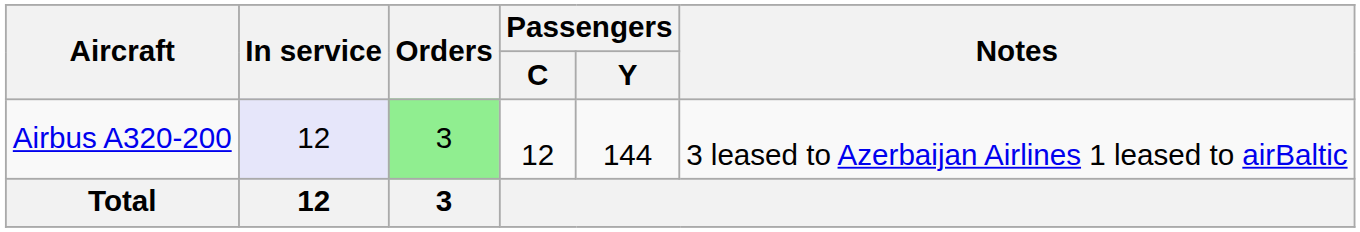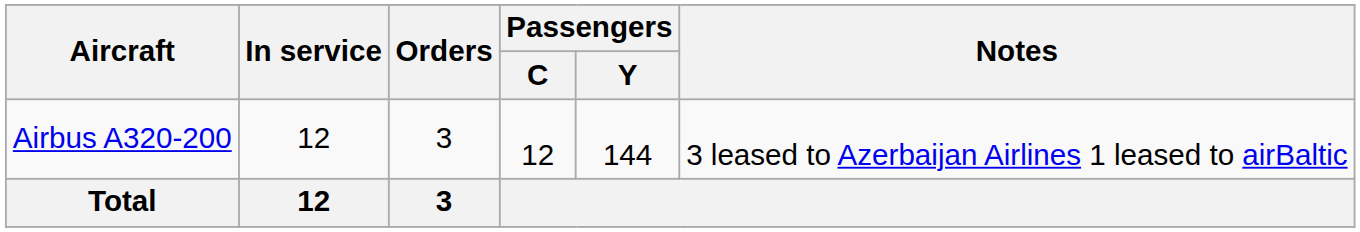 <table class="wikitable" style="margin:0.5em auto; text-align:center">
 <tr>
 <th rowspan=2>Aircraft</th>
 <th rowspan=2>In service</th>
 <th rowspan=2>Orders</th>
 <th colspan=2>Passengers</th>
 <th rowspan=2>Notes</th>
 </tr>
 <tr>
 <th><abbr>C</abbr></th>
 <th><abbr>Y</abbr></th>
 </tr>
 <tr>
 <td><a href='#'>Airbus A320-200</a></td>
-<td style="background: lavender;">12</td>
-<td style="background: lightgreen;">3</td>
+<td>12</td>
+<td>3</td>
 <td><br>12</td>
 <td><br>144</td>
 <td><br>3 leased to <a href='#'>Azerbaijan Airlines</a> 1 leased to <a href='#'>airBaltic</a></td>
 </tr>
 <tr>
 <th>Total</th>
 <th>12</th>
 <th>3</th>
 <th colspan="4"></th>
 </tr>
 </table>
